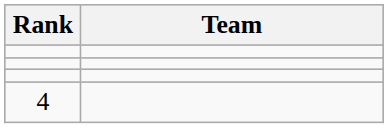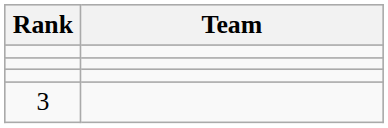 <table class="wikitable" style="text-align: center;">
 <tr>
 <th width=40>Rank</th>
 <th width=180>Team</th>
 </tr>
 <tr>
 <td></td>
 <td align=left></td>
 </tr>
 <tr>
 <td></td>
 <td align=left></td>
 </tr>
 <tr>
 <td></td>
 <td align=left></td>
 </tr>
 <tr>
-<td>4</td>
+<td>3</td>
 <td align=left></td>
 </tr>
 </table>
